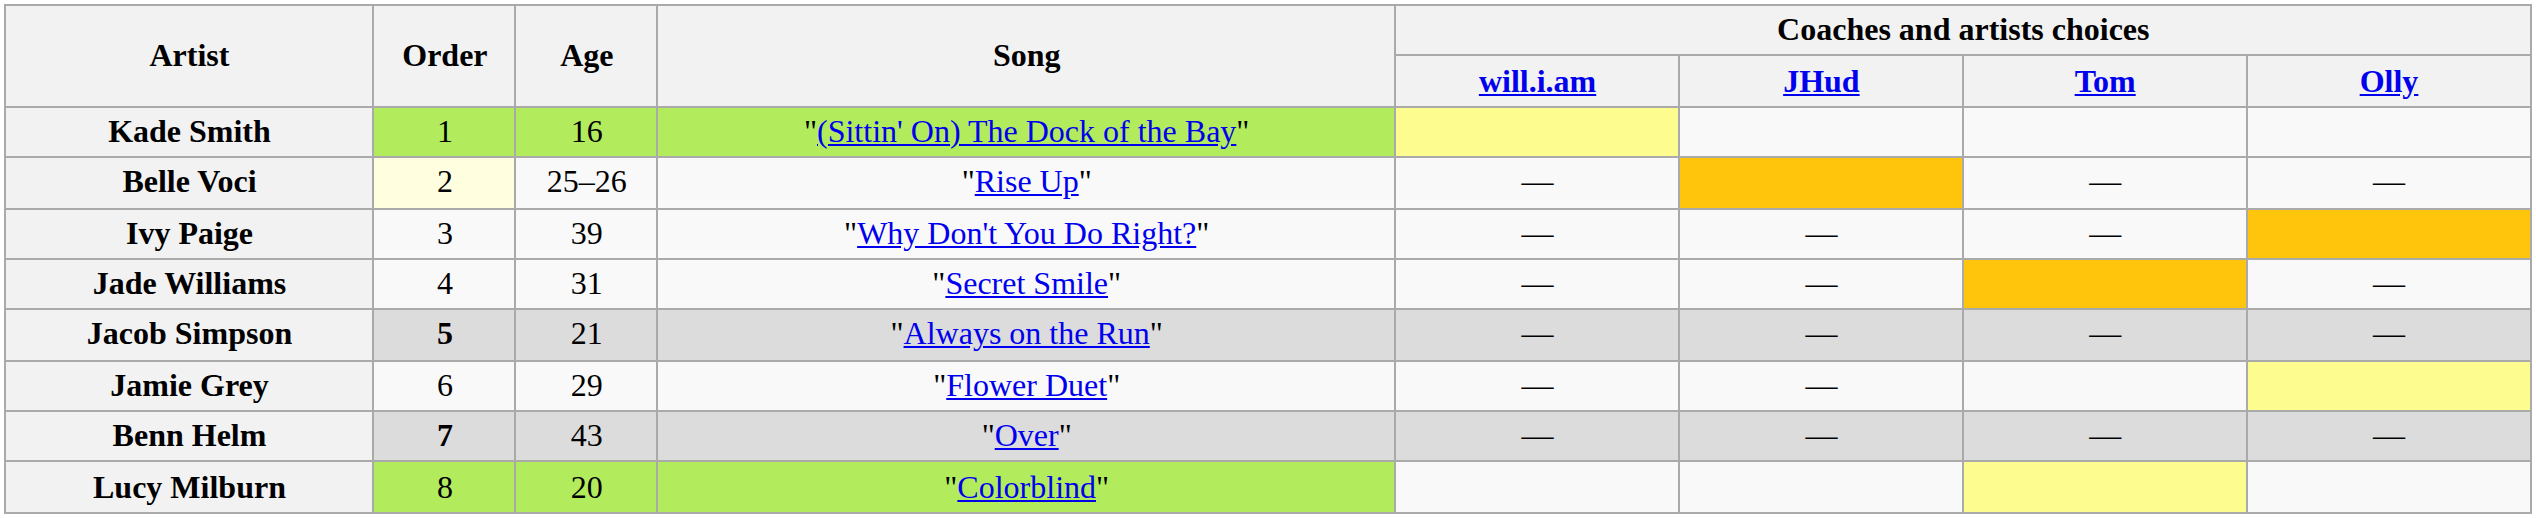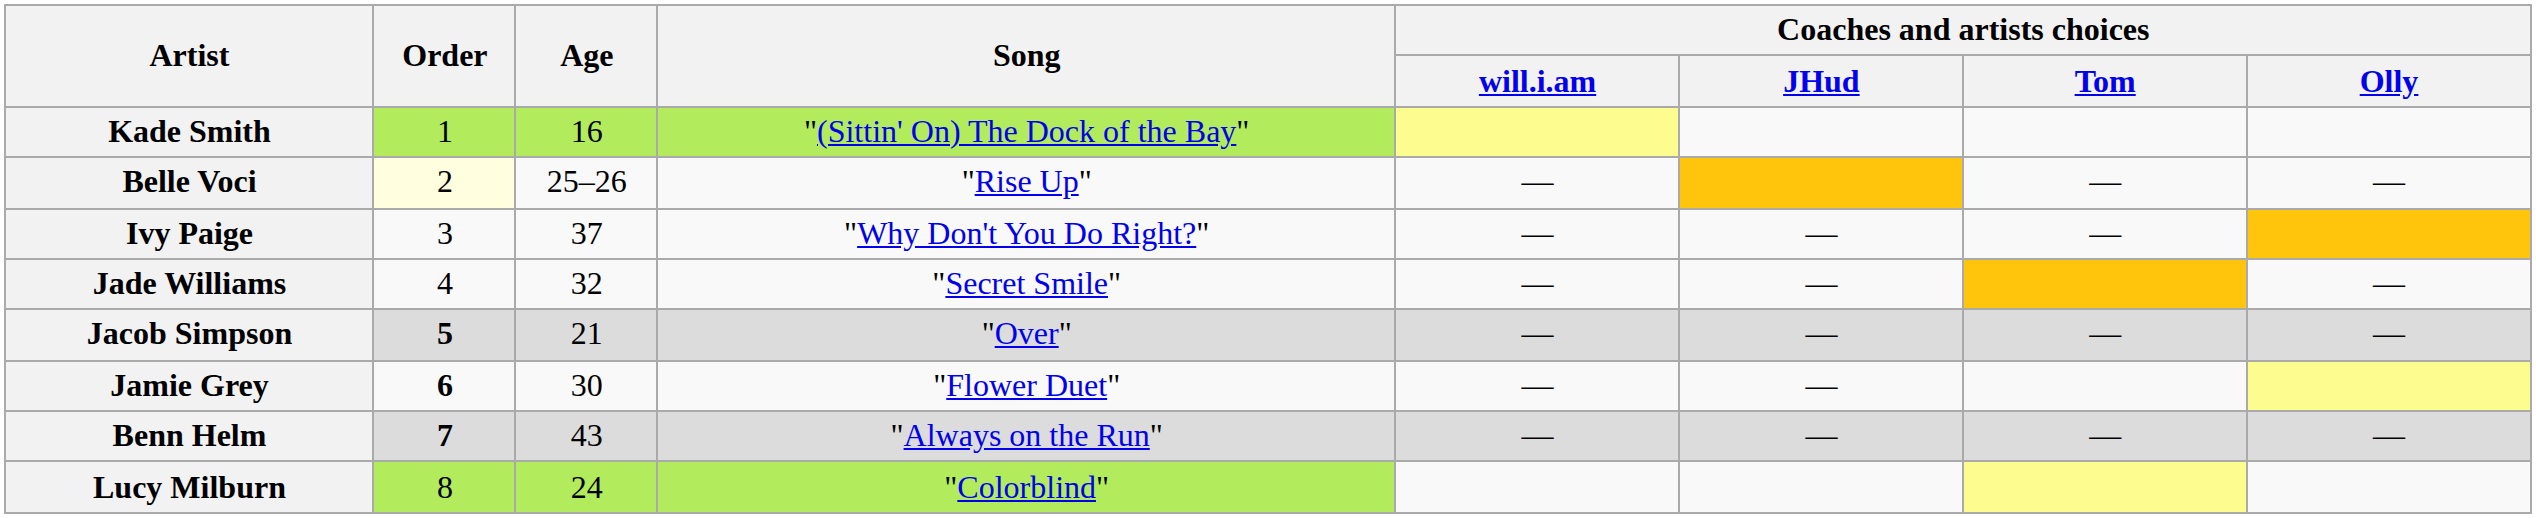 <table class="wikitable" style="text-align:center; width:100%;">
 <tr>
 </tr>
 <tr>
 <th scope="col" rowspan="2" style="width:13%;">Artist</th>
 <th scope="col" rowspan="2" style="width:05%;">Order</th>
 <th scope="col" rowspan="2" style="width:05%;">Age</th>
 <th scope="col" rowspan="2" style="width:26%;">Song</th>
 <th colspan="4" style="width:40%;">Coaches and artists choices</th>
 </tr>
 <tr>
 <th style="width:10%;"><a href='#'>will.i.am</a></th>
 <th style="width:10%;"><a href='#'>JHud</a></th>
 <th style="width:10%;"><a href='#'>Tom</a></th>
 <th style="width:10%;"><a href='#'>Olly</a></th>
 </tr>
 <tr>
 <th scope="row"><div> Kade Smith </div></th>
 <td style="background-color:#B2EC5D;">1</td>
 <td style="background-color:#B2EC5D;">16</td>
 <td style="background-color:#B2EC5D;">"<a href='#'>(Sittin' On) The Dock of the Bay</a>"</td>
 <td style="background:#fdfc8f;"><strong></strong></td>
 <td><strong></strong></td>
 <td><strong></strong></td>
 <td><strong></strong></td>
 </tr>
 <tr>
 <th scope="row"><div> Belle Voci </div></th>
 <td style="background: lightyellow;">2</td>
 <td>25–26</td>
 <td>"<a href='#'>Rise Up</a>"</td>
 <td>—</td>
 <td style="background:#FFC40C;text-align:center;"><strong></strong></td>
 <td>—</td>
 <td>—</td>
 </tr>
 <tr>
 <th scope="row"><div> Ivy Paige </div></th>
 <td>3</td>
-<td>39</td>
+<td>37</td>
 <td>"<a href='#'>Why Don't You Do Right?</a>"</td>
 <td>—</td>
 <td>—</td>
 <td>—</td>
 <td style="background:#FFC40C;text-align:center;"><strong></strong></td>
 </tr>
 <tr>
 <th scope="row"><div> Jade Williams </div></th>
 <td>4</td>
-<td>31</td>
+<td>32</td>
 <td>"<a href='#'>Secret Smile</a>"</td>
 <td>—</td>
 <td>—</td>
 <td style="background:#FFC40C;text-align:center;"><strong></strong></td>
 <td>—</td>
 </tr>
 <tr style="background:#DCDCDC;">
 <th scope="row"><div> Jacob Simpson </div></th>
 <td style="background:#DCDCDC; text-align:center;"><strong>5</strong></td>
 <td style="background:#DCDCDC; text-align:center;">21</td>
-<td style="background:#DCDCDC; text-align:center;">"<a href='#'>Always on the Run</a>"</td>
+<td style="background:#DCDCDC; text-align:center;">"<a href='#'>Over</a>"</td>
 <td>—</td>
 <td>—</td>
 <td>—</td>
 <td>—</td>
 </tr>
 <tr>
 <th scope="row"><div> Jamie Grey </div></th>
-<td>6</td>
-<td>29</td>
+<td><strong>6</strong></td>
+<td>30</td>
 <td>"<a href='#'>Flower Duet</a>"</td>
 <td>—</td>
 <td>—</td>
 <td><strong></strong></td>
 <td style="background:#fdfc8f;"><strong></strong></td>
 </tr>
 <tr style="background:#DCDCDC;">
 <th scope="row"><div> Benn Helm </div></th>
 <td style="background:#DCDCDC; text-align:center;"><strong>7</strong></td>
 <td style="background:#DCDCDC; text-align:center;">43</td>
-<td style="background:#DCDCDC; text-align:center;">"<a href='#'>Over</a>"</td>
+<td style="background:#DCDCDC; text-align:center;">"<a href='#'>Always on the Run</a>"</td>
 <td>—</td>
 <td>—</td>
 <td>—</td>
 <td>—</td>
 </tr>
 <tr>
 <th scope="row"><div> Lucy Milburn </div></th>
 <td style="background-color:#B2EC5D;">8</td>
-<td style="background-color:#B2EC5D;">20</td>
+<td style="background-color:#B2EC5D;">24</td>
 <td style="background-color:#B2EC5D;">"<a href='#'>Colorblind</a>"</td>
 <td><strong></strong></td>
 <td><strong></strong></td>
 <td style="background:#fdfc8f;"><strong></strong></td>
 <td><strong></strong></td>
 </tr>
 </table>
